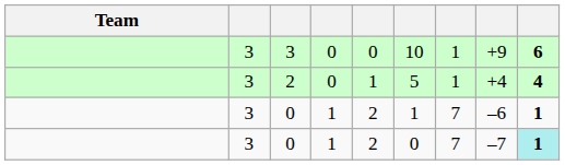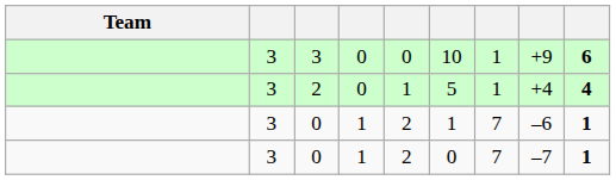 <table class="wikitable" style="text-align: center; font-size: 90%;">
 <tr>
 <th width=165>Team</th>
 <th width=25></th>
 <th width=25></th>
 <th width=25></th>
 <th width=25></th>
 <th width=25></th>
 <th width=25></th>
 <th width=25></th>
 <th width=25></th>
 </tr>
 <tr bgcolor=#ccffcc>
 <td align=left></td>
 <td>3</td>
 <td>3</td>
 <td>0</td>
 <td>0</td>
 <td>10</td>
 <td>1</td>
 <td>+9</td>
 <td><strong>6</strong></td>
 </tr>
 <tr bgcolor=#ccffcc>
 <td align=left></td>
 <td>3</td>
 <td>2</td>
 <td>0</td>
 <td>1</td>
 <td>5</td>
 <td>1</td>
 <td>+4</td>
 <td><strong>4</strong></td>
 </tr>
 <tr>
 <td align=left></td>
 <td>3</td>
 <td>0</td>
 <td>1</td>
 <td>2</td>
 <td>1</td>
 <td>7</td>
 <td>–6</td>
 <td><strong>1</strong></td>
 </tr>
 <tr>
 <td align=left></td>
 <td>3</td>
 <td>0</td>
 <td>1</td>
 <td>2</td>
 <td>0</td>
 <td>7</td>
 <td>–7</td>
-<td style="background: paleturquoise;"><strong>1</strong></td>
+<td><strong>1</strong></td>
 </tr>
 </table>
